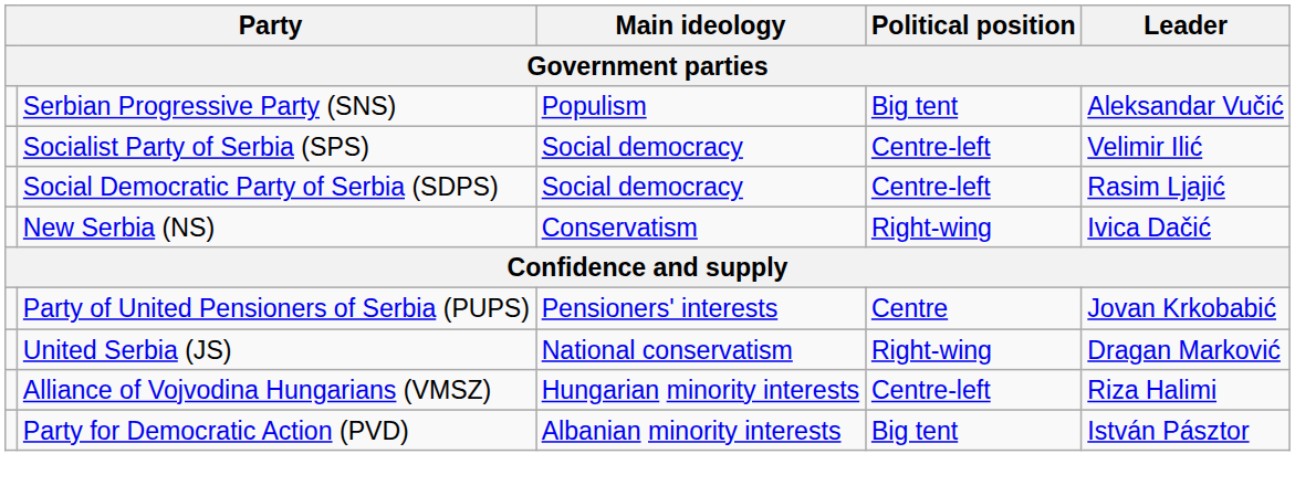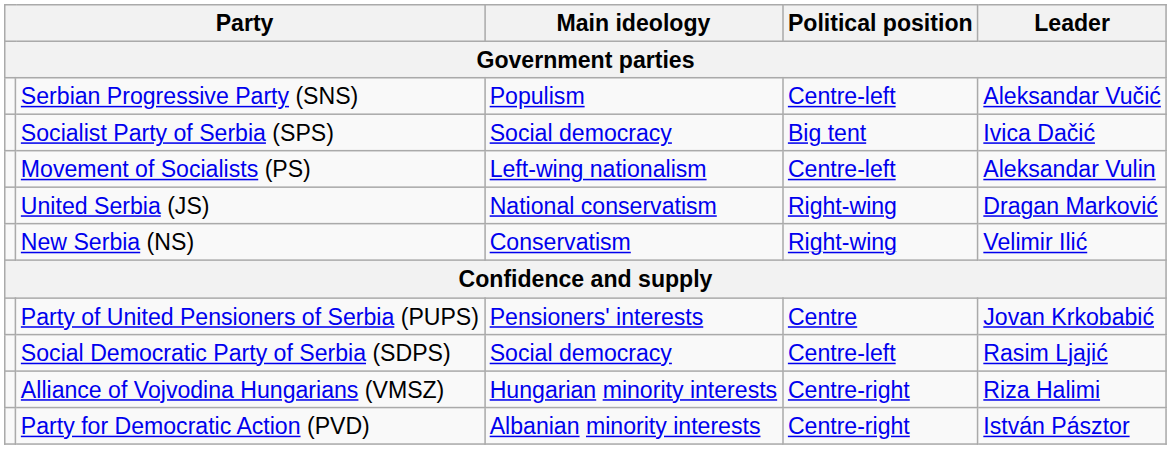 <table class="wikitable" style="font-size:95%">
 <tr>
 <th colspan="2">Party</th>
 <th>Main ideology</th>
 <th>Political position</th>
 <th>Leader</th>
 </tr>
 <tr>
 <th colspan="5">Government parties</th>
 </tr>
 <tr>
 <td style="background:"></td>
 <td><a href='#'>Serbian Progressive Party</a> (SNS)</td>
 <td><a href='#'>Populism</a></td>
-<td><a href='#'>Big tent</a></td>
+<td><a href='#'>Centre-left</a></td>
 <td><a href='#'>Aleksandar Vučić</a></td>
 </tr>
 <tr>
 <td style="background:"></td>
 <td><a href='#'>Socialist Party of Serbia</a> (SPS)</td>
 <td><a href='#'>Social democracy</a></td>
-<td><a href='#'>Centre-left</a></td>
-<td><a href='#'>Velimir Ilić</a></td>
+<td><a href='#'>Big tent</a></td>
+<td><a href='#'>Ivica Dačić</a></td>
 </tr>
 <tr>
 <td style="background:"></td>
-<td><a href='#'>Social Democratic Party of Serbia</a> (SDPS)</td>
-<td><a href='#'>Social democracy</a></td>
+<td><a href='#'>Movement of Socialists</a> (PS)</td>
+<td><a href='#'>Left-wing nationalism</a></td>
 <td><a href='#'>Centre-left</a></td>
-<td><a href='#'>Rasim Ljajić</a></td>
+<td><a href='#'>Aleksandar Vulin</a></td>
+</tr>
+<tr>
+<td style="background:"></td>
+<td><a href='#'>United Serbia</a> (JS)</td>
+<td><a href='#'>National conservatism</a></td>
+<td><a href='#'>Right-wing</a></td>
+<td><a href='#'>Dragan Marković</a></td>
 </tr>
 <tr>
 <td style="background:"></td>
 <td><a href='#'>New Serbia</a> (NS)</td>
 <td><a href='#'>Conservatism</a></td>
 <td><a href='#'>Right-wing</a></td>
-<td><a href='#'>Ivica Dačić</a></td>
+<td><a href='#'>Velimir Ilić</a></td>
 </tr>
 <tr>
 <th colspan="5">Confidence and supply</th>
 </tr>
 <tr>
 <td style="background:"></td>
 <td><a href='#'>Party of United Pensioners of Serbia</a> (PUPS)</td>
 <td><a href='#'>Pensioners' interests</a></td>
 <td><a href='#'>Centre</a></td>
 <td><a href='#'>Jovan Krkobabić</a></td>
 </tr>
 <tr>
 <td style="background:"></td>
-<td><a href='#'>United Serbia</a> (JS)</td>
-<td><a href='#'>National conservatism</a></td>
-<td><a href='#'>Right-wing</a></td>
-<td><a href='#'>Dragan Marković</a></td>
+<td><a href='#'>Social Democratic Party of Serbia</a> (SDPS)</td>
+<td><a href='#'>Social democracy</a></td>
+<td><a href='#'>Centre-left</a></td>
+<td><a href='#'>Rasim Ljajić</a></td>
 </tr>
 <tr>
 <td style="background:"></td>
 <td><a href='#'>Alliance of Vojvodina Hungarians</a> (VMSZ)</td>
 <td><a href='#'>Hungarian</a> <a href='#'>minority interests</a></td>
-<td><a href='#'>Centre-left</a></td>
+<td><a href='#'>Centre-right</a></td>
 <td><a href='#'>Riza Halimi</a></td>
 </tr>
 <tr>
 <td style="background:"></td>
 <td><a href='#'>Party for Democratic Action</a> (PVD)</td>
 <td><a href='#'>Albanian</a> <a href='#'>minority interests</a></td>
-<td><a href='#'>Big tent</a></td>
+<td><a href='#'>Centre-right</a></td>
 <td><a href='#'>István Pásztor</a></td>
 </tr>
 </table>
